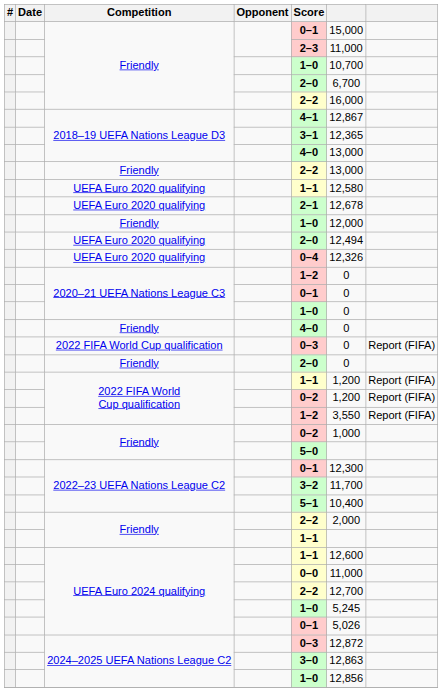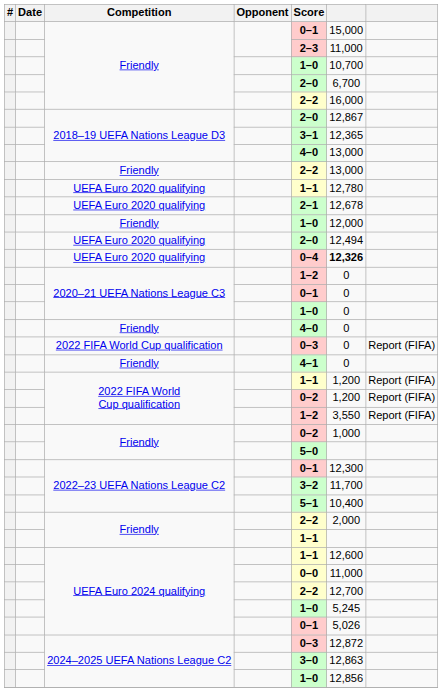 <table class="wikitable" style="text-align:center;">
 <tr>
 <th scope=col>#</th>
 <th scope=col>Date</th>
 <th scope=col>Competition</th>
 <th scope=col>Opponent</th>
 <th scope=col>Score</th>
 <th scope=col></th>
 <th scope=col class=unsortable></th>
 </tr>
 <tr>
 <th scope=row></th>
 <td></td>
 <td rowspan="5"><a href='#'>Friendly</a></td>
 <td rowspan="2" align="left"></td>
 <td bgcolor="#FFCCCC"><strong>0–1</strong></td>
 <td>15,000</td>
 <td></td>
 </tr>
 <tr>
 <th scope=row></th>
 <td></td>
 <td bgcolor="#FFCCCC"><strong>2–3</strong></td>
 <td>11,000</td>
 <td></td>
 </tr>
 <tr>
 <th scope=row></th>
 <td></td>
 <td align="left"></td>
 <td bgcolor="#CCFFCC"><strong>1–0</strong></td>
 <td>10,700</td>
 <td></td>
 </tr>
 <tr>
 <th scope=row></th>
 <td></td>
 <td align="left"></td>
 <td bgcolor="#CCFFCC"><strong>2–0</strong></td>
 <td>6,700</td>
 <td></td>
 </tr>
 <tr>
 <th scope=row></th>
 <td></td>
 <td align="left"></td>
 <td bgcolor="#FFFFCC"><strong>2–2</strong></td>
 <td>16,000</td>
 <td></td>
 </tr>
 <tr>
 <th scope=row></th>
 <td></td>
 <td rowspan="3"><a href='#'>2018–19 UEFA Nations League D3</a></td>
 <td align="left"></td>
-<td bgcolor="#CCFFCC"><strong>4–1</strong></td>
+<td bgcolor="#CCFFCC"><strong>2–0</strong></td>
 <td>12,867</td>
 <td></td>
 </tr>
 <tr>
 <th scope=row></th>
 <td></td>
 <td align="left"></td>
 <td bgcolor="#CCFFCC"><strong>3–1</strong></td>
 <td>12,365</td>
 <td></td>
 </tr>
 <tr>
 <th scope=row></th>
 <td></td>
 <td align="left"></td>
 <td bgcolor="#CCFFCC"><strong>4–0</strong></td>
 <td>13,000</td>
 <td></td>
 </tr>
 <tr>
 <th scope=row></th>
 <td></td>
 <td><a href='#'>Friendly</a></td>
 <td align="left"></td>
 <td bgcolor="#FFFFCC"><strong>2–2</strong></td>
 <td>13,000</td>
 <td></td>
 </tr>
 <tr>
 <th scope=row></th>
 <td></td>
 <td><a href='#'>UEFA Euro 2020 qualifying</a></td>
 <td align="left"></td>
 <td bgcolor="#FFFFCC"><strong>1–1</strong></td>
-<td>12,580</td>
+<td>12,780</td>
 <td></td>
 </tr>
 <tr>
 <th scope=row></th>
 <td></td>
 <td><a href='#'>UEFA Euro 2020 qualifying</a></td>
 <td align="left"></td>
 <td bgcolor="#CCFFCC"><strong>2–1</strong></td>
 <td>12,678</td>
 <td></td>
 </tr>
 <tr>
 <th scope=row></th>
 <td></td>
 <td><a href='#'>Friendly</a></td>
 <td align="left"></td>
 <td bgcolor="#CCFFCC"><strong>1–0</strong></td>
 <td>12,000</td>
 <td></td>
 </tr>
 <tr>
 <th scope=row></th>
 <td></td>
 <td><a href='#'>UEFA Euro 2020 qualifying</a></td>
 <td align="left"></td>
 <td bgcolor="#CCFFCC"><strong>2–0</strong></td>
 <td>12,494</td>
 <td></td>
 </tr>
 <tr>
 <th scope=row></th>
 <td></td>
 <td><a href='#'>UEFA Euro 2020 qualifying</a></td>
 <td align="left"></td>
 <td bgcolor="#FFCCCC"><strong>0–4</strong></td>
-<td>12,326</td>
+<td><strong>12,326</strong></td>
 <td></td>
 </tr>
 <tr>
 <th scope=row></th>
 <td></td>
 <td rowspan="3"><a href='#'>2020–21 UEFA Nations League C3</a></td>
 <td align="left"></td>
 <td bgcolor="#FFCCCC"><strong>1–2</strong></td>
 <td>0</td>
 <td></td>
 </tr>
 <tr>
 <th scope=row></th>
 <td></td>
 <td align="left"></td>
 <td bgcolor="#FFCCCC"><strong>0–1</strong></td>
 <td>0</td>
 <td></td>
 </tr>
 <tr>
 <th scope=row></th>
 <td></td>
 <td align="left"></td>
 <td bgcolor="#CCFFCC"><strong>1–0</strong></td>
 <td>0</td>
 <td></td>
 </tr>
 <tr>
 <th scope=row></th>
 <td></td>
 <td><a href='#'>Friendly</a></td>
 <td align="left"></td>
 <td bgcolor="#CCFFCC"><strong>4–0</strong></td>
 <td>0</td>
 <td></td>
 </tr>
 <tr>
 <th scope=row></th>
 <td></td>
 <td><a href='#'>2022 FIFA World Cup qualification</a></td>
 <td align="left"></td>
 <td bgcolor="#FFCCCC"><strong>0–3</strong></td>
 <td>0</td>
 <td>Report (FIFA)</td>
 </tr>
 <tr>
 <th scope=row></th>
 <td></td>
 <td><a href='#'>Friendly</a></td>
 <td align="left"></td>
-<td bgcolor="#CCFFCC"><strong>2–0</strong></td>
+<td bgcolor="#CCFFCC"><strong>4–1</strong></td>
 <td>0</td>
 <td></td>
 </tr>
 <tr>
 <th scope=row></th>
 <td></td>
 <td rowspan="3"><a href='#'>2022 FIFA World<br>Cup qualification</a></td>
 <td align="left"></td>
 <td bgcolor="#FFFFCC"><strong>1–1</strong></td>
 <td>1,200</td>
 <td>Report (FIFA)</td>
 </tr>
 <tr>
 <th scope=row></th>
 <td></td>
 <td align="left"></td>
 <td bgcolor="#FFCCCC"><strong>0–2</strong></td>
 <td>1,200</td>
 <td>Report (FIFA)</td>
 </tr>
 <tr>
 <th scope=row></th>
 <td></td>
 <td align="left"></td>
 <td bgcolor="#FFCCCC"><strong>1–2</strong></td>
 <td>3,550</td>
 <td>Report (FIFA)</td>
 </tr>
 <tr>
 <th scope=row></th>
 <td></td>
 <td rowspan="2"><a href='#'>Friendly</a></td>
 <td align="left"></td>
 <td bgcolor="#FFCCCC"><strong>0–2</strong></td>
 <td>1,000</td>
 <td></td>
 </tr>
 <tr>
 <th scope=row></th>
 <td></td>
 <td align="left"></td>
 <td bgcolor="#CCFFCC"><strong>5–0</strong></td>
 <td></td>
 <td></td>
 </tr>
 <tr>
 <th scope=row></th>
 <td></td>
 <td rowspan="3"><a href='#'>2022–23 UEFA Nations League C2</a></td>
 <td align="left"></td>
 <td bgcolor="#FFCCCC"><strong>0–1</strong></td>
 <td>12,300</td>
 <td></td>
 </tr>
 <tr>
 <th scope=row></th>
 <td></td>
 <td align="left"></td>
 <td bgcolor="#CCFFCC"><strong>3–2</strong></td>
 <td>11,700</td>
 <td></td>
 </tr>
 <tr>
 <th scope=row></th>
 <td></td>
 <td align="left"></td>
 <td bgcolor="#CCFFCC"><strong>5–1</strong></td>
 <td>10,400</td>
 <td></td>
 </tr>
 <tr>
 <th scope=row></th>
 <td></td>
 <td rowspan="2"><a href='#'>Friendly</a></td>
 <td align="left"></td>
 <td bgcolor="#FFFFCC"><strong>2–2</strong></td>
 <td>2,000</td>
 <td></td>
 </tr>
 <tr>
 <th scope=row></th>
 <td></td>
 <td align="left"></td>
 <td bgcolor="#FFFFCC"><strong>1–1</strong></td>
 <td></td>
 <td></td>
 </tr>
 <tr>
 <th scope=row></th>
 <td></td>
 <td rowspan="5"><a href='#'>UEFA Euro 2024 qualifying</a></td>
 <td align="left"></td>
 <td bgcolor="#FFFFCC"><strong>1–1</strong></td>
 <td>12,600</td>
 <td></td>
 </tr>
 <tr>
 <th scope=row></th>
 <td></td>
 <td align="left"></td>
 <td bgcolor="#FFFFCC"><strong>0–0</strong></td>
 <td>11,000</td>
 <td></td>
 </tr>
 <tr>
 <th scope=row></th>
 <td></td>
 <td align="left"></td>
 <td bgcolor="#FFFFCC"><strong>2–2</strong></td>
 <td>12,700</td>
 <td></td>
 </tr>
 <tr>
 <th scope=row></th>
 <td></td>
 <td align="left"></td>
 <td bgcolor="#CCFFCC"><strong>1–0</strong></td>
 <td>5,245</td>
 <td></td>
 </tr>
 <tr>
 <th scope=row></th>
 <td></td>
 <td align="left"></td>
 <td bgcolor="#FFCCCC"><strong>0–1</strong></td>
 <td>5,026</td>
 <td></td>
 </tr>
 <tr>
 <th scope=row></th>
 <td></td>
 <td rowspan="3"><a href='#'>2024–2025 UEFA Nations League C2</a></td>
 <td align="left"></td>
 <td bgcolor="#FFCCCC"><strong>0–3</strong></td>
 <td>12,872</td>
 <td></td>
 </tr>
 <tr>
 <th scope=row></th>
 <td></td>
 <td align="left"></td>
 <td bgcolor="#CCFFCC"><strong>3–0</strong></td>
 <td>12,863</td>
 <td></td>
 </tr>
 <tr>
 <th scope=row></th>
 <td></td>
 <td align="left"></td>
 <td bgcolor="#CCFFCC"><strong>1–0</strong></td>
 <td>12,856</td>
 <td></td>
 </tr>
 <tr>
 </tr>
 </table>
